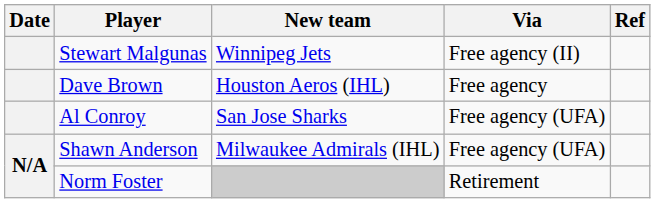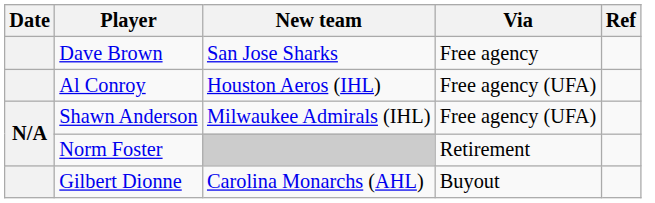 <table class="wikitable plainrowheaders">
 <tr style="background:#ddd; text-align:center;">
 <th>Date</th>
 <th>Player</th>
 <th>New team</th>
 <th>Via</th>
 <th>Ref</th>
 </tr>
 <tr>
 <th scope="row"></th>
-<td><a href='#'>Stewart Malgunas</a></td>
-<td><a href='#'>Winnipeg Jets</a></td>
-<td>Free agency (II)</td>
-<td></td>
-</tr>
-<tr>
-<th scope="row"></th>
 <td><a href='#'>Dave Brown</a></td>
-<td><a href='#'>Houston Aeros</a> (<a href='#'>IHL</a>)</td>
+<td><a href='#'>San Jose Sharks</a></td>
 <td>Free agency</td>
 <td></td>
 </tr>
 <tr>
 <th scope="row"></th>
 <td><a href='#'>Al Conroy</a></td>
-<td><a href='#'>San Jose Sharks</a></td>
+<td><a href='#'>Houston Aeros</a> (<a href='#'>IHL</a>)</td>
 <td>Free agency (UFA)</td>
 <td></td>
 </tr>
 <tr>
 <th scope="row" rowspan=2>N/A</th>
 <td><a href='#'>Shawn Anderson</a></td>
 <td><a href='#'>Milwaukee Admirals</a> (IHL)</td>
 <td>Free agency (UFA)</td>
 <td></td>
 </tr>
 <tr>
 <td><a href='#'>Norm Foster</a></td>
 <td style="background:#ccc"></td>
 <td>Retirement</td>
 <td></td>
 </tr>
+<tr>
+<th scope="row"></th>
+<td><a href='#'>Gilbert Dionne</a></td>
+<td><a href='#'>Carolina Monarchs</a> (<a href='#'>AHL</a>)</td>
+<td>Buyout</td>
+<td></td>
+</tr>
 </table>
